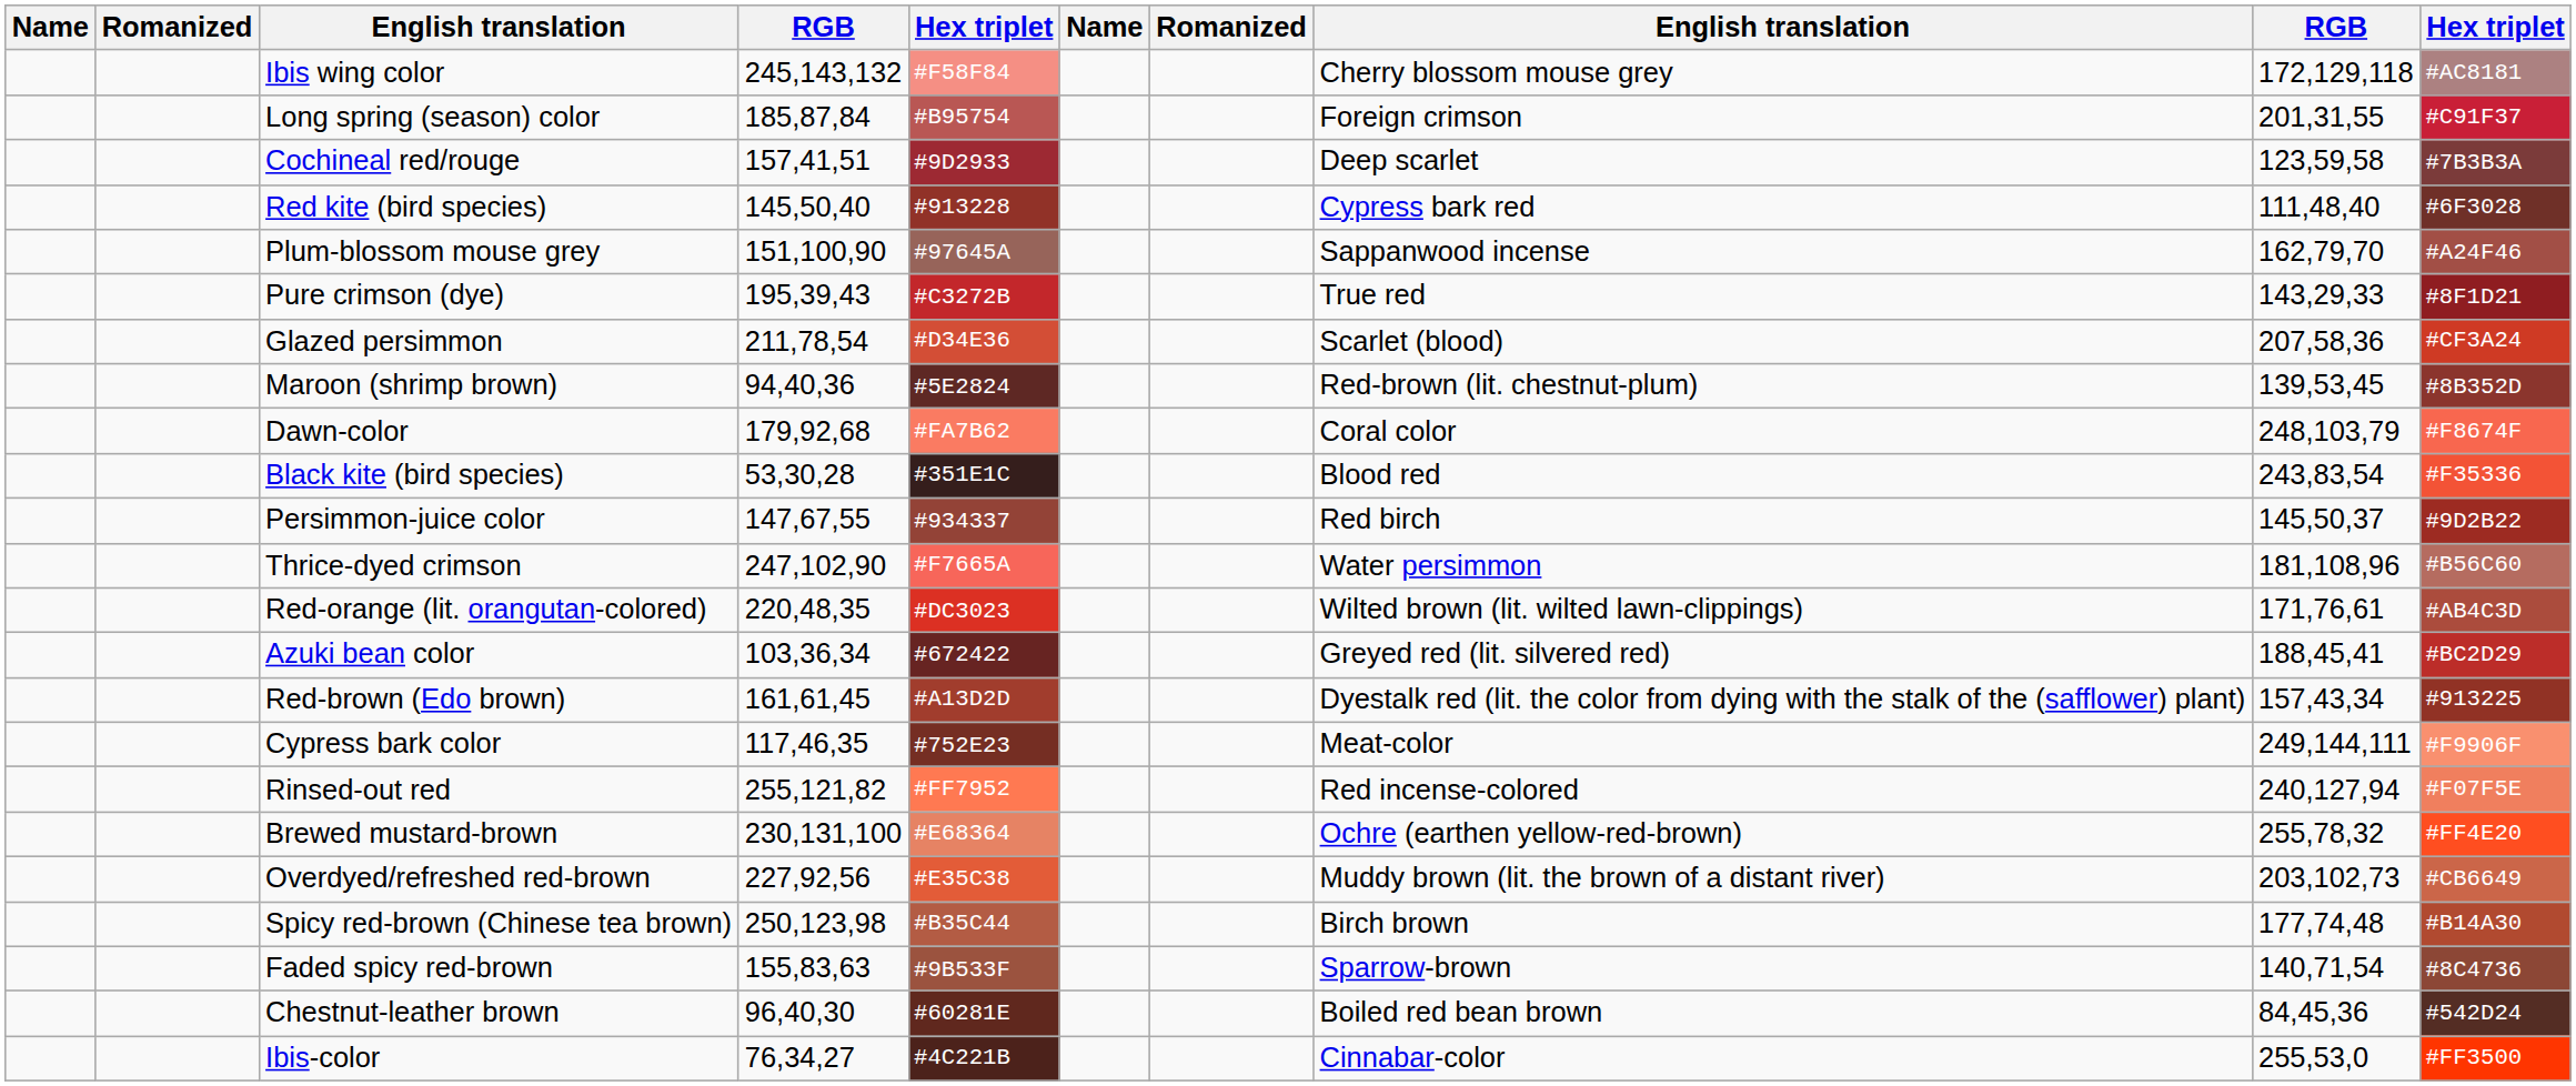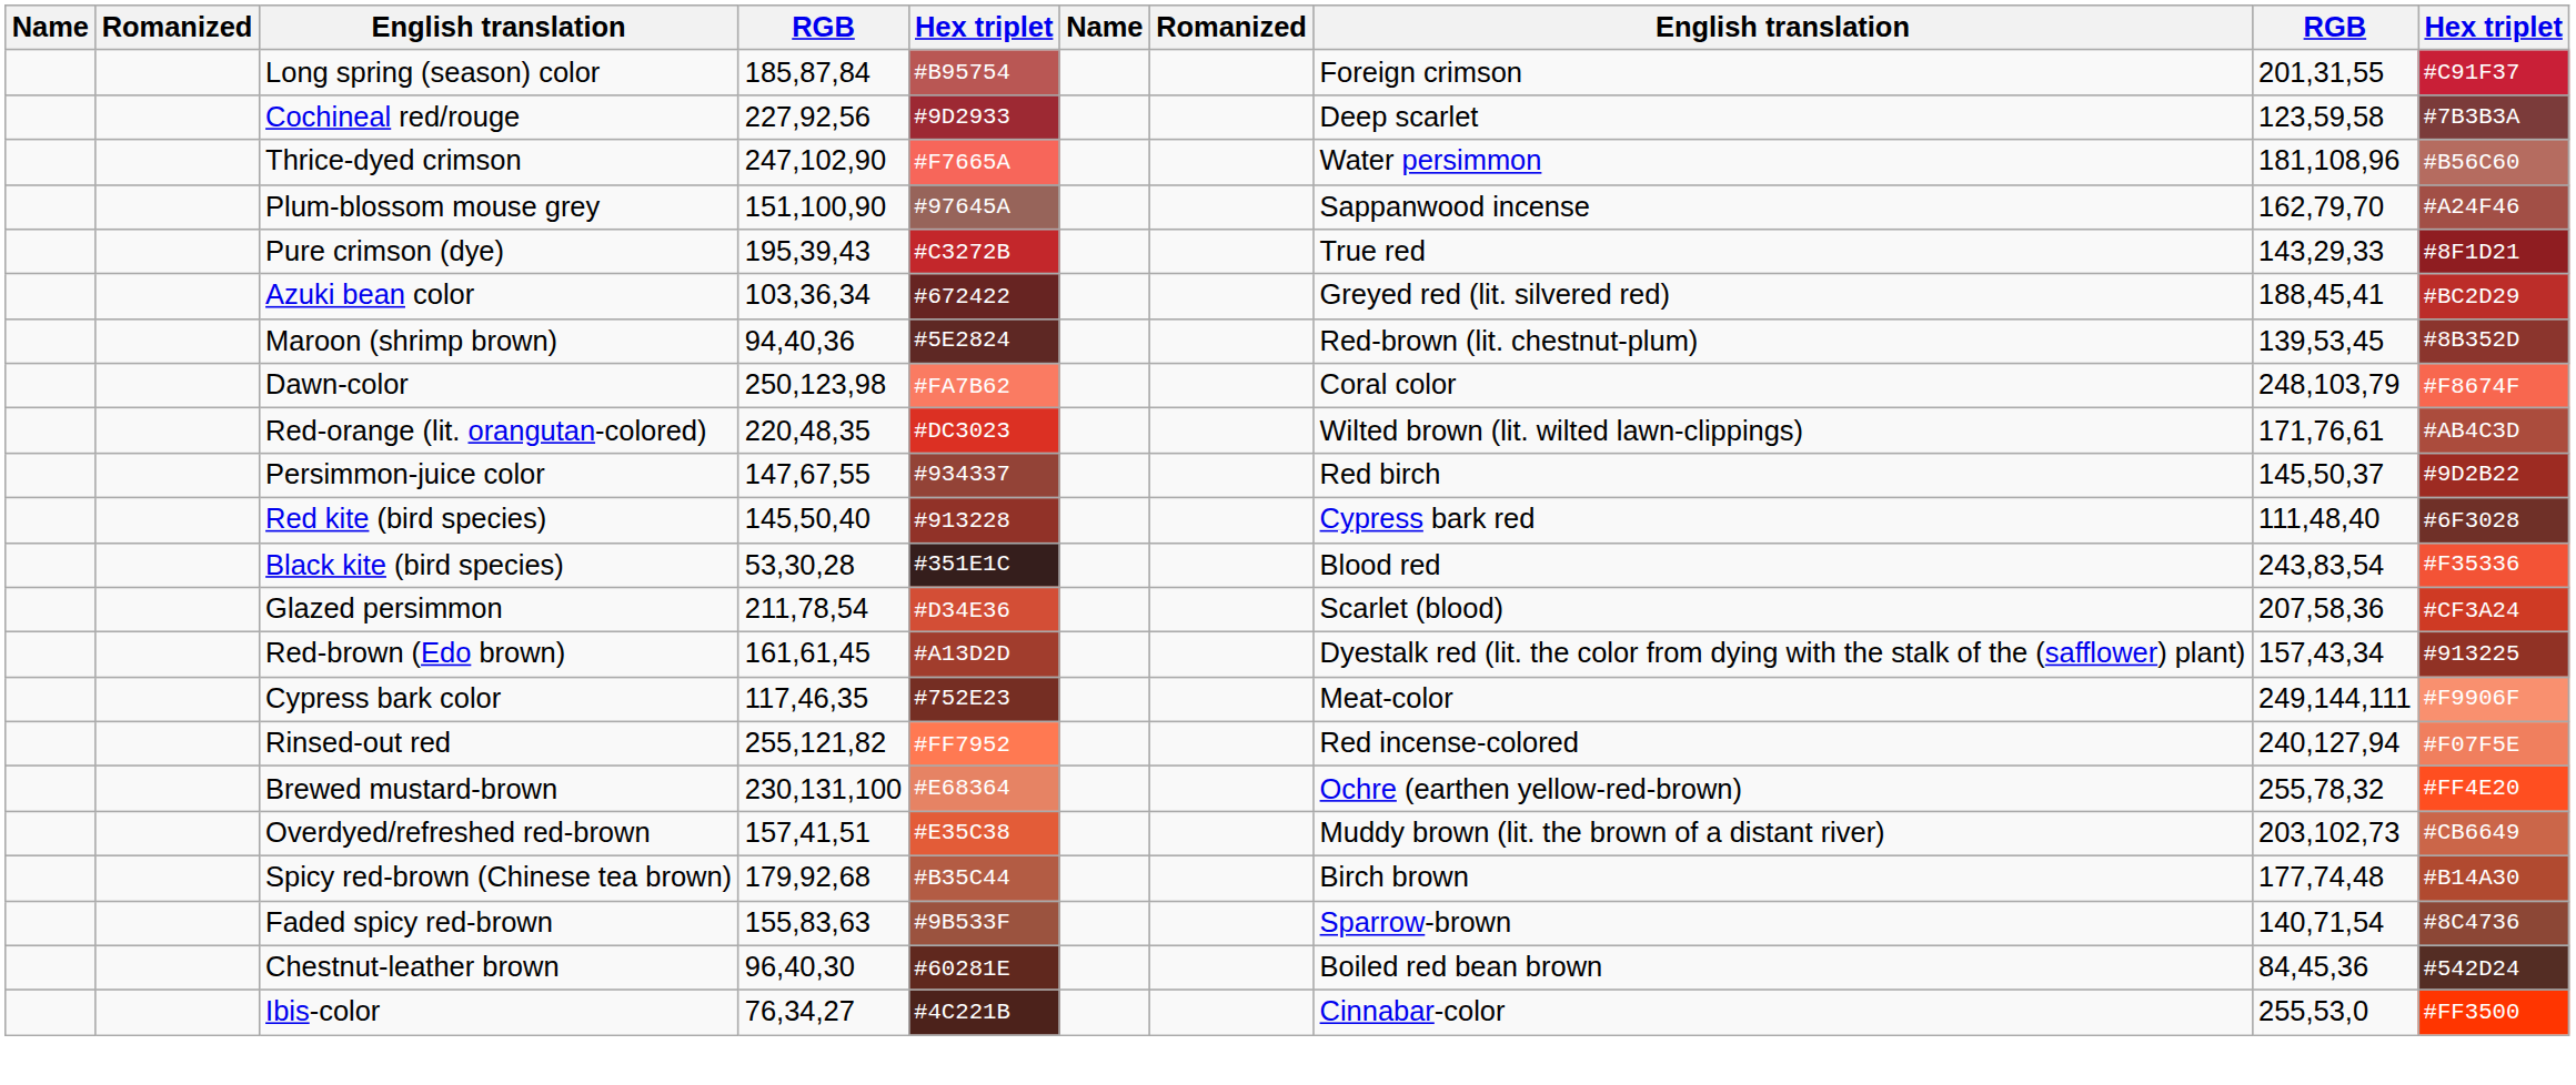 <table class="wikitable">
 <tr>
 <th>Name</th>
 <th>Romanized</th>
 <th>English translation</th>
 <th><a href='#'>RGB</a></th>
 <th><a href='#'>Hex triplet</a></th>
 <th>Name</th>
 <th>Romanized</th>
 <th>English translation</th>
 <th><a href='#'>RGB</a></th>
 <th><a href='#'>Hex triplet</a></th>
-</tr>
-<tr>
-<td></td>
-<td></td>
-<td><a href='#'>Ibis</a> wing color</td>
-<td>245,143,132</td>
-<td style="background:#F58F84; color:#ffffff; font-family:monospace;">#F58F84</td>
-<td></td>
-<td></td>
-<td>Cherry blossom mouse grey</td>
-<td>172,129,118</td>
-<td style="background:#AC8181; color:#ffffff; font-family:monospace;">#AC8181</td>
 </tr>
 <tr>
 <td></td>
 <td></td>
 <td>Long spring (season) color</td>
 <td>185,87,84</td>
 <td style="background:#B95754; color:#ffffff; font-family:monospace;">#B95754</td>
 <td></td>
 <td></td>
 <td>Foreign crimson</td>
 <td>201,31,55</td>
 <td style="background:#C91F37; color:#ffffff; font-family:monospace;">#C91F37</td>
 </tr>
 <tr>
 <td></td>
 <td></td>
 <td><a href='#'>Cochineal</a> red/rouge</td>
-<td>157,41,51</td>
+<td>227,92,56</td>
 <td style="background:#9D2933; color:#ffffff; font-family:monospace;">#9D2933</td>
 <td></td>
 <td></td>
 <td>Deep scarlet</td>
 <td>123,59,58</td>
 <td style="background:#7B3B3A; color:#ffffff; font-family:monospace;">#7B3B3A</td>
 </tr>
 <tr>
 <td></td>
 <td></td>
-<td><a href='#'>Red kite</a> (bird species)</td>
-<td>145,50,40</td>
-<td style="background:#913228; color:#ffffff; font-family:monospace;">#913228</td>
+<td>Thrice-dyed crimson</td>
+<td>247,102,90</td>
+<td style="background:#F7665A; color:#ffffff; font-family:monospace;">#F7665A</td>
 <td></td>
 <td></td>
-<td><a href='#'>Cypress</a> bark red</td>
-<td>111,48,40</td>
-<td style="background:#6F3028; color:#ffffff; font-family:monospace;">#6F3028</td>
+<td>Water <a href='#'>persimmon</a></td>
+<td>181,108,96</td>
+<td style="background:#B56C60; color:#ffffff; font-family:monospace;">#B56C60</td>
 </tr>
 <tr>
 <td></td>
 <td></td>
 <td>Plum-blossom mouse grey</td>
 <td>151,100,90</td>
 <td style="background:#97645A; color:#ffffff; font-family:monospace;">#97645A</td>
 <td></td>
 <td></td>
 <td>Sappanwood incense</td>
 <td>162,79,70</td>
 <td style="background:#A24F46; color:#ffffff; font-family:monospace;">#A24F46</td>
 </tr>
 <tr>
 <td></td>
 <td></td>
 <td>Pure crimson (dye)</td>
 <td>195,39,43</td>
 <td style="background:#C3272B; color:#ffffff; font-family:monospace;">#C3272B</td>
 <td></td>
 <td></td>
 <td>True red</td>
 <td>143,29,33</td>
 <td style="background:#8F1D21; color:#ffffff; font-family:monospace;">#8F1D21</td>
 </tr>
 <tr>
 <td></td>
 <td></td>
-<td>Glazed persimmon</td>
-<td>211,78,54</td>
-<td style="background:#D34E36; color:#ffffff; font-family:monospace;">#D34E36</td>
+<td><a href='#'>Azuki bean</a> color</td>
+<td>103,36,34</td>
+<td style="background:#672422; color:#ffffff; font-family:monospace;">#672422</td>
 <td></td>
 <td></td>
-<td>Scarlet (blood)</td>
-<td>207,58,36</td>
-<td style="background:#CF3A24; color:#ffffff; font-family:monospace;">#CF3A24</td>
+<td>Greyed red (lit. silvered red)</td>
+<td>188,45,41</td>
+<td style="background:#BC2D29; color:#ffffff; font-family:monospace;">#BC2D29</td>
 </tr>
 <tr>
 <td></td>
 <td></td>
 <td>Maroon (shrimp brown)</td>
 <td>94,40,36</td>
 <td style="background:#5E2824; color:#ffffff; font-family:monospace;">#5E2824</td>
 <td></td>
 <td></td>
 <td>Red-brown (lit. chestnut-plum)</td>
 <td>139,53,45</td>
 <td style="background:#8B352D; color:#ffffff; font-family:monospace;">#8B352D</td>
 </tr>
 <tr>
 <td></td>
 <td></td>
 <td>Dawn-color</td>
-<td>179,92,68</td>
+<td>250,123,98</td>
 <td style="background:#FA7B62; color:#ffffff; font-family:monospace;">#FA7B62</td>
 <td></td>
 <td></td>
 <td>Coral color</td>
 <td>248,103,79</td>
 <td style="background:#F8674F; color:#ffffff; font-family:monospace;">#F8674F</td>
+</tr>
+<tr>
+<td></td>
+<td></td>
+<td>Red-orange (lit. <a href='#'>orangutan</a>-colored)</td>
+<td>220,48,35</td>
+<td style="background:#DC3023; color:#ffffff; font-family:monospace;">#DC3023</td>
+<td></td>
+<td></td>
+<td>Wilted brown (lit. wilted lawn-clippings)</td>
+<td>171,76,61</td>
+<td style="background:#AB4C3D; color:#ffffff; font-family:monospace;">#AB4C3D</td>
+</tr>
+<tr>
+<td></td>
+<td></td>
+<td>Persimmon-juice color</td>
+<td>147,67,55</td>
+<td style="background:#934337; color:#ffffff; font-family:monospace;">#934337</td>
+<td></td>
+<td></td>
+<td>Red birch</td>
+<td>145,50,37</td>
+<td style="background:#9D2B22; color:#ffffff; font-family:monospace;">#9D2B22</td>
+</tr>
+<tr>
+<td></td>
+<td></td>
+<td><a href='#'>Red kite</a> (bird species)</td>
+<td>145,50,40</td>
+<td style="background:#913228; color:#ffffff; font-family:monospace;">#913228</td>
+<td></td>
+<td></td>
+<td><a href='#'>Cypress</a> bark red</td>
+<td>111,48,40</td>
+<td style="background:#6F3028; color:#ffffff; font-family:monospace;">#6F3028</td>
 </tr>
 <tr>
 <td></td>
 <td></td>
 <td><a href='#'>Black kite</a> (bird species)</td>
 <td>53,30,28</td>
 <td style="background:#351E1C; color:#ffffff; font-family:monospace;">#351E1C</td>
 <td></td>
 <td></td>
 <td>Blood red</td>
 <td>243,83,54</td>
 <td style="background:#F35336; color:#ffffff; font-family:monospace;">#F35336</td>
 </tr>
 <tr>
 <td></td>
 <td></td>
-<td>Persimmon-juice color</td>
-<td>147,67,55</td>
-<td style="background:#934337; color:#ffffff; font-family:monospace;">#934337</td>
+<td>Glazed persimmon</td>
+<td>211,78,54</td>
+<td style="background:#D34E36; color:#ffffff; font-family:monospace;">#D34E36</td>
 <td></td>
 <td></td>
-<td>Red birch</td>
-<td>145,50,37</td>
-<td style="background:#9D2B22; color:#ffffff; font-family:monospace;">#9D2B22</td>
-</tr>
-<tr>
-<td></td>
-<td></td>
-<td>Thrice-dyed crimson</td>
-<td>247,102,90</td>
-<td style="background:#F7665A; color:#ffffff; font-family:monospace;">#F7665A</td>
-<td></td>
-<td></td>
-<td>Water <a href='#'>persimmon</a></td>
-<td>181,108,96</td>
-<td style="background:#B56C60; color:#ffffff; font-family:monospace;">#B56C60</td>
-</tr>
-<tr>
-<td></td>
-<td></td>
-<td>Red-orange (lit. <a href='#'>orangutan</a>-colored)</td>
-<td>220,48,35</td>
-<td style="background:#DC3023; color:#ffffff; font-family:monospace;">#DC3023</td>
-<td></td>
-<td></td>
-<td>Wilted brown (lit. wilted lawn-clippings)</td>
-<td>171,76,61</td>
-<td style="background:#AB4C3D; color:#ffffff; font-family:monospace;">#AB4C3D</td>
-</tr>
-<tr>
-<td></td>
-<td></td>
-<td><a href='#'>Azuki bean</a> color</td>
-<td>103,36,34</td>
-<td style="background:#672422; color:#ffffff; font-family:monospace;">#672422</td>
-<td></td>
-<td></td>
-<td>Greyed red (lit. silvered red)</td>
-<td>188,45,41</td>
-<td style="background:#BC2D29; color:#ffffff; font-family:monospace;">#BC2D29</td>
+<td>Scarlet (blood)</td>
+<td>207,58,36</td>
+<td style="background:#CF3A24; color:#ffffff; font-family:monospace;">#CF3A24</td>
 </tr>
 <tr>
 <td></td>
 <td></td>
 <td>Red-brown (<a href='#'>Edo</a> brown)</td>
 <td>161,61,45</td>
 <td style="background:#A13D2D; color:#ffffff; font-family:monospace;">#A13D2D</td>
 <td></td>
 <td></td>
 <td>Dyestalk red (lit. the color from dying with the stalk of the  (<a href='#'>safflower</a>) plant)</td>
 <td>157,43,34</td>
 <td style="background:#913225; color:#ffffff; font-family:monospace;">#913225</td>
 </tr>
 <tr>
 <td></td>
 <td></td>
 <td>Cypress bark color</td>
 <td>117,46,35</td>
 <td style="background:#752E23; color:#ffffff; font-family:monospace;">#752E23</td>
 <td></td>
 <td></td>
 <td>Meat-color</td>
 <td>249,144,111</td>
 <td style="background:#F9906F; color:#ffffff; font-family:monospace;">#F9906F</td>
 </tr>
 <tr>
 <td></td>
 <td></td>
 <td>Rinsed-out red</td>
 <td>255,121,82</td>
 <td style="background:#FF7952; color:#ffffff; font-family:monospace;">#FF7952</td>
 <td></td>
 <td></td>
 <td>Red incense-colored</td>
 <td>240,127,94</td>
 <td style="background:#F07F5E; color:#ffffff; font-family:monospace;">#F07F5E</td>
 </tr>
 <tr>
 <td></td>
 <td></td>
 <td>Brewed mustard-brown</td>
 <td>230,131,100</td>
 <td style="background:#E68364; color:#ffffff; font-family:monospace;">#E68364</td>
 <td></td>
 <td></td>
 <td><a href='#'>Ochre</a> (earthen yellow-red-brown)</td>
 <td>255,78,32</td>
 <td style="background:#FF4E20; color:#ffffff; font-family:monospace;">#FF4E20</td>
 </tr>
 <tr>
 <td></td>
 <td></td>
 <td>Overdyed/refreshed red-brown</td>
-<td>227,92,56</td>
+<td>157,41,51</td>
 <td style="background:#E35C38; color:#ffffff; font-family:monospace;">#E35C38</td>
 <td></td>
 <td></td>
 <td>Muddy brown (lit. the brown of a distant river)</td>
 <td>203,102,73</td>
 <td style="background:#CB6649; color:#ffffff; font-family:monospace;">#CB6649</td>
 </tr>
 <tr>
 <td></td>
 <td></td>
 <td>Spicy red-brown (Chinese tea brown)</td>
-<td>250,123,98</td>
+<td>179,92,68</td>
 <td style="background:#B35C44; color:#ffffff; font-family:monospace;">#B35C44</td>
 <td></td>
 <td></td>
 <td>Birch brown</td>
 <td>177,74,48</td>
 <td style="background:#B14A30; color:#ffffff; font-family:monospace;">#B14A30</td>
 </tr>
 <tr>
 <td></td>
 <td></td>
 <td>Faded spicy red-brown</td>
 <td>155,83,63</td>
 <td style="background:#9B533F; color:#ffffff; font-family:monospace;">#9B533F</td>
 <td></td>
 <td></td>
 <td><a href='#'>Sparrow</a>-brown</td>
 <td>140,71,54</td>
 <td style="background:#8C4736; color:#ffffff; font-family:monospace;">#8C4736</td>
 </tr>
 <tr>
 <td></td>
 <td></td>
 <td>Chestnut-leather brown</td>
 <td>96,40,30</td>
 <td style="background:#60281E; color:#ffffff; font-family:monospace;">#60281E</td>
 <td></td>
 <td></td>
 <td>Boiled red bean brown</td>
 <td>84,45,36</td>
 <td style="background:#542D24; color:#ffffff; font-family:monospace;">#542D24</td>
 </tr>
 <tr>
 <td></td>
 <td></td>
 <td><a href='#'>Ibis</a>-color</td>
 <td>76,34,27</td>
 <td style="background:#4C221B; color:#ffffff; font-family:monospace;">#4C221B</td>
 <td></td>
 <td></td>
 <td><a href='#'>Cinnabar</a>-color</td>
 <td>255,53,0</td>
 <td style="background:#FF3500; color:#ffffff; font-family:monospace;">#FF3500</td>
 </tr>
 </table>
